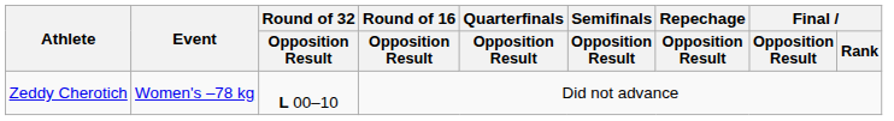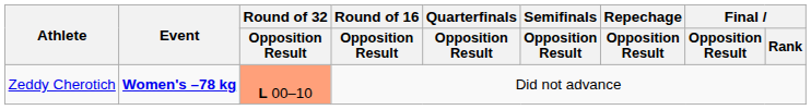 <table class="wikitable" style="font-size:90%">
 <tr>
 <th rowspan="2">Athlete</th>
 <th rowspan="2">Event</th>
 <th>Round of 32</th>
 <th>Round of 16</th>
 <th>Quarterfinals</th>
 <th>Semifinals</th>
 <th>Repechage</th>
 <th colspan=2>Final / </th>
 </tr>
 <tr style="font-size:95%">
 <th>Opposition<br>Result</th>
 <th>Opposition<br>Result</th>
 <th>Opposition<br>Result</th>
 <th>Opposition<br>Result</th>
 <th>Opposition<br>Result</th>
 <th>Opposition<br>Result</th>
 <th>Rank</th>
 </tr>
 <tr align=center>
 <td align=left><a href='#'>Zeddy Cherotich</a></td>
-<td align=left><a href='#'>Women's –78 kg</a></td>
-<td><br><strong>L</strong> 00–10</td>
+<td align=left><strong><a href='#'>Women's –78 kg</a></strong></td>
+<td style="background: lightsalmon;"><br><strong>L</strong> 00–10</td>
 <td colspan=6>Did not advance</td>
 </tr>
 </table>
